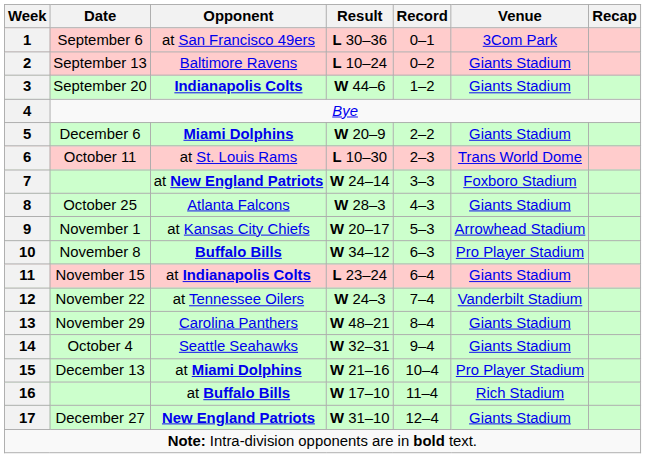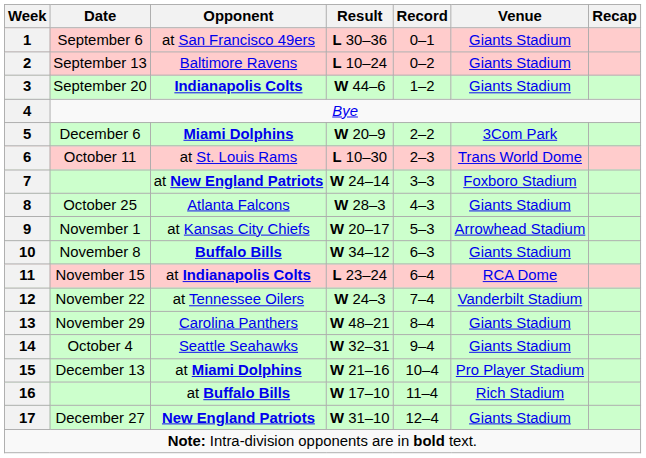 <table class="wikitable" style="text-align:center">
 <tr>
 <th>Week</th>
 <th>Date</th>
 <th>Opponent</th>
 <th>Result</th>
 <th>Record</th>
 <th>Venue</th>
 <th>Recap</th>
 </tr>
 <tr style="background:#fcc">
 <th>1</th>
 <td>September 6</td>
 <td>at <a href='#'>San Francisco 49ers</a></td>
 <td><strong>L</strong> 30–36 </td>
 <td>0–1</td>
-<td><a href='#'>3Com Park</a></td>
+<td><a href='#'>Giants Stadium</a></td>
 <td></td>
 </tr>
 <tr style="background:#fcc">
 <th>2</th>
 <td>September 13</td>
 <td><a href='#'>Baltimore Ravens</a></td>
 <td><strong>L</strong> 10–24</td>
 <td>0–2</td>
 <td><a href='#'>Giants Stadium</a></td>
 <td></td>
 </tr>
 <tr style="background:#cfc">
 <th>3</th>
 <td>September 20</td>
 <td><strong><a href='#'>Indianapolis Colts</a></strong></td>
 <td><strong>W</strong> 44–6</td>
 <td>1–2</td>
 <td><a href='#'>Giants Stadium</a></td>
 <td></td>
 </tr>
 <tr>
 <th>4</th>
 <td colspan="8" align=center><em><a href='#'>Bye</a></em></td>
 </tr>
 <tr style="background:#cfc">
 <th>5</th>
 <td>December 6</td>
 <td><strong><a href='#'>Miami Dolphins</a></strong></td>
 <td><strong>W</strong> 20–9</td>
 <td>2–2</td>
-<td><a href='#'>Giants Stadium</a></td>
+<td><a href='#'>3Com Park</a></td>
 <td></td>
 </tr>
 <tr style="background:#fcc">
 <th>6</th>
 <td>October 11</td>
 <td>at <a href='#'>St. Louis Rams</a></td>
 <td><strong>L</strong> 10–30</td>
 <td>2–3</td>
 <td><a href='#'>Trans World Dome</a></td>
 <td></td>
 </tr>
 <tr style="background:#cfc">
 <th>7</th>
 <td></td>
 <td>at <strong><a href='#'>New England Patriots</a></strong></td>
 <td><strong>W</strong> 24–14</td>
 <td>3–3</td>
 <td><a href='#'>Foxboro Stadium</a></td>
 <td></td>
 </tr>
 <tr style="background:#cfc">
 <th>8</th>
 <td>October 25</td>
 <td><a href='#'>Atlanta Falcons</a></td>
 <td><strong>W</strong> 28–3</td>
 <td>4–3</td>
 <td><a href='#'>Giants Stadium</a></td>
 <td></td>
 </tr>
 <tr style="background:#cfc">
 <th>9</th>
 <td>November 1</td>
 <td>at <a href='#'>Kansas City Chiefs</a></td>
 <td><strong>W</strong> 20–17</td>
 <td>5–3</td>
 <td><a href='#'>Arrowhead Stadium</a></td>
 <td></td>
 </tr>
 <tr style="background:#cfc">
 <th>10</th>
 <td>November 8</td>
 <td><strong><a href='#'>Buffalo Bills</a></strong></td>
 <td><strong>W</strong> 34–12</td>
 <td>6–3</td>
-<td><a href='#'>Pro Player Stadium</a></td>
+<td><a href='#'>Giants Stadium</a></td>
 <td></td>
 </tr>
 <tr style="background:#fcc">
 <th>11</th>
 <td>November 15</td>
 <td>at <strong><a href='#'>Indianapolis Colts</a></strong></td>
 <td><strong>L</strong> 23–24</td>
 <td>6–4</td>
-<td><a href='#'>Giants Stadium</a></td>
+<td><a href='#'>RCA Dome</a></td>
 <td></td>
 </tr>
 <tr style="background:#cfc">
 <th>12</th>
 <td>November 22</td>
 <td>at <a href='#'>Tennessee Oilers</a></td>
 <td><strong>W</strong> 24–3</td>
 <td>7–4</td>
 <td><a href='#'>Vanderbilt Stadium</a></td>
 <td></td>
 </tr>
 <tr style="background:#cfc">
 <th>13</th>
 <td>November 29</td>
 <td><a href='#'>Carolina Panthers</a></td>
 <td><strong>W</strong> 48–21</td>
 <td>8–4</td>
 <td><a href='#'>Giants Stadium</a></td>
 <td></td>
 </tr>
 <tr style="background:#cfc">
 <th>14</th>
 <td>October 4</td>
 <td><a href='#'>Seattle Seahawks</a></td>
 <td><strong>W</strong> 32–31</td>
 <td>9–4</td>
 <td><a href='#'>Giants Stadium</a></td>
 <td></td>
 </tr>
 <tr style="background:#cfc">
 <th>15</th>
 <td>December 13</td>
 <td>at <strong><a href='#'>Miami Dolphins</a></strong></td>
 <td><strong>W</strong> 21–16</td>
 <td>10–4</td>
 <td><a href='#'>Pro Player Stadium</a></td>
 <td></td>
 </tr>
 <tr style="background:#cfc">
 <th>16</th>
 <td></td>
 <td>at <strong><a href='#'>Buffalo Bills</a></strong></td>
 <td><strong>W</strong> 17–10</td>
 <td>11–4</td>
 <td><a href='#'>Rich Stadium</a></td>
 <td></td>
 </tr>
 <tr style="background:#cfc">
 <th>17</th>
 <td>December 27</td>
 <td><strong><a href='#'>New England Patriots</a></strong></td>
 <td><strong>W</strong> 31–10</td>
 <td>12–4</td>
 <td><a href='#'>Giants Stadium</a></td>
 <td></td>
 </tr>
 <tr>
 <td colspan="8"><strong>Note:</strong> Intra-division opponents are in <strong>bold</strong> text.</td>
 </tr>
 </table>
